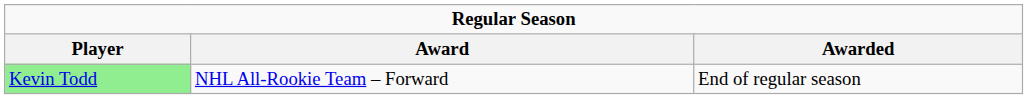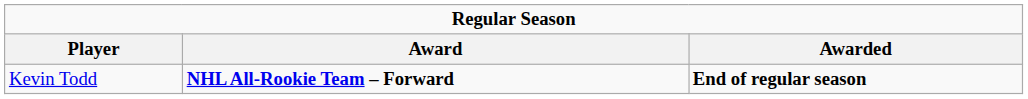 <table class="wikitable" style="width:55%;">
 <tr>
 <td colspan="10" style="text-align:center;"><strong>Regular Season</strong></td>
 </tr>
 <tr>
 <th>Player</th>
 <th>Award</th>
 <th>Awarded</th>
 </tr>
 <tr>
-<td style="background: lightgreen;"><a href='#'>Kevin Todd</a></td>
-<td><a href='#'>NHL All-Rookie Team</a> – Forward</td>
-<td>End of regular season</td>
+<td><a href='#'>Kevin Todd</a></td>
+<td><strong><a href='#'>NHL All-Rookie Team</a> – Forward</strong></td>
+<td><strong>End of regular season</strong></td>
 </tr>
 </table>
